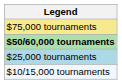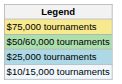 <table class="wikitable" style="font-size:85%;">
 <tr>
 <th>Legend</th>
 </tr>
 <tr style="background:#f7e98e;">
 <td>$75,000 tournaments</td>
 </tr>
 <tr style="background:#addfad;">
-<td><strong>$50/60,000 tournaments</strong></td>
+<td>$50/60,000 tournaments</td>
 </tr>
 <tr style="background:lightblue;">
 <td>$25,000 tournaments</td>
 </tr>
 <tr style="background:#f0f8ff;">
 <td>$10/15,000 tournaments</td>
 </tr>
 </table>
